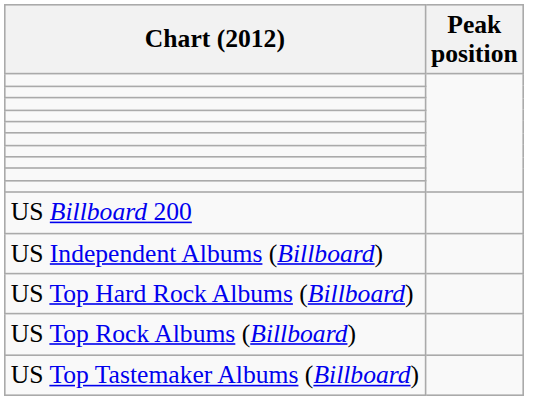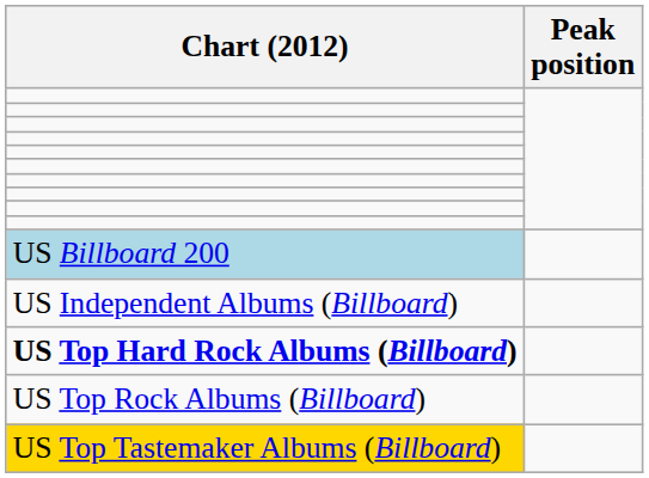 <table class="wikitable sortable plainrowheaders">
 <tr>
 <th>Chart (2012)</th>
 <th>Peak<br>position</th>
 </tr>
 <tr>
 <td></td>
 </tr>
 <tr>
 <td></td>
 </tr>
 <tr>
 <td></td>
 </tr>
 <tr>
 <td></td>
 </tr>
 <tr>
 <td></td>
 </tr>
 <tr>
 <td></td>
 </tr>
 <tr>
 <td></td>
 </tr>
 <tr>
 <td></td>
 </tr>
 <tr>
 <td></td>
 </tr>
 <tr>
 <td></td>
 </tr>
 <tr>
-<td>US <a href='#'><em>Billboard</em> 200</a></td>
+<td style="background: lightblue;">US <a href='#'><em>Billboard</em> 200</a></td>
 <td></td>
 </tr>
 <tr>
 <td>US <a href='#'>Independent Albums</a> (<em><a href='#'>Billboard</a></em>)</td>
 <td></td>
 </tr>
 <tr>
-<td>US <a href='#'>Top Hard Rock Albums</a> (<em><a href='#'>Billboard</a></em>)</td>
+<td><strong>US <a href='#'>Top Hard Rock Albums</a> (<em><a href='#'>Billboard</a></em>)</strong></td>
 <td></td>
 </tr>
 <tr>
 <td>US <a href='#'>Top Rock Albums</a> (<em><a href='#'>Billboard</a></em>)</td>
 <td></td>
 </tr>
 <tr>
-<td>US <a href='#'>Top Tastemaker Albums</a> (<em><a href='#'>Billboard</a></em>)</td>
+<td style="background: gold;">US <a href='#'>Top Tastemaker Albums</a> (<em><a href='#'>Billboard</a></em>)</td>
 <td></td>
 </tr>
 </table>
